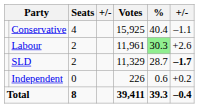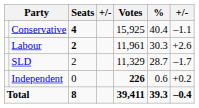 <table class="wikitable sortable">
 <tr>
 <th colspan="2">Party</th>
 <th>Seats</th>
 <th>+/-</th>
 <th>Votes</th>
 <th>%</th>
 <th>+/-</th>
 </tr>
 <tr>
 <td style="background-color: "></td>
 <td><a href='#'>Conservative</a></td>
-<td>4</td>
+<td><strong>4</strong></td>
 <td></td>
 <td style="text-align:right;">15,925</td>
 <td style="text-align:right;">40.4</td>
 <td style="text-align:right;">–1.1</td>
 </tr>
 <tr>
 <td style="background-color: "></td>
 <td><a href='#'>Labour</a></td>
-<td>2</td>
+<td><strong>2</strong></td>
 <td></td>
 <td style="text-align:right;">11,961</td>
-<td style="background: lightgreen; text-align:right;">30.3</td>
+<td style="text-align:right;">30.3</td>
 <td style="text-align:right;">+2.6</td>
 </tr>
 <tr>
 <td style="background-color: "></td>
 <td><a href='#'>SLD</a></td>
 <td>2</td>
 <td></td>
 <td style="text-align:right;">11,329</td>
 <td style="text-align:right;">28.7</td>
-<td style="text-align:right;"><strong>–1.7</strong></td>
+<td style="text-align:right;">–1.7</td>
 </tr>
 <tr>
 <td style="background-color: "></td>
 <td><a href='#'>Independent</a></td>
 <td>0</td>
 <td></td>
-<td style="text-align:right;">226</td>
+<td style="text-align:right;"><strong>226</strong></td>
 <td style="text-align:right;">0.6</td>
 <td style="text-align:right;">+0.2</td>
 </tr>
 <tr>
 <td colspan="2"><strong>Total</strong></td>
 <td><strong>8</strong></td>
 <td></td>
 <td style="text-align:right;"><strong>39,411</strong></td>
 <td style="text-align:right;"><strong>39.3</strong></td>
 <td style="text-align:right;"><strong>–0.4</strong></td>
 </tr>
 </table>
